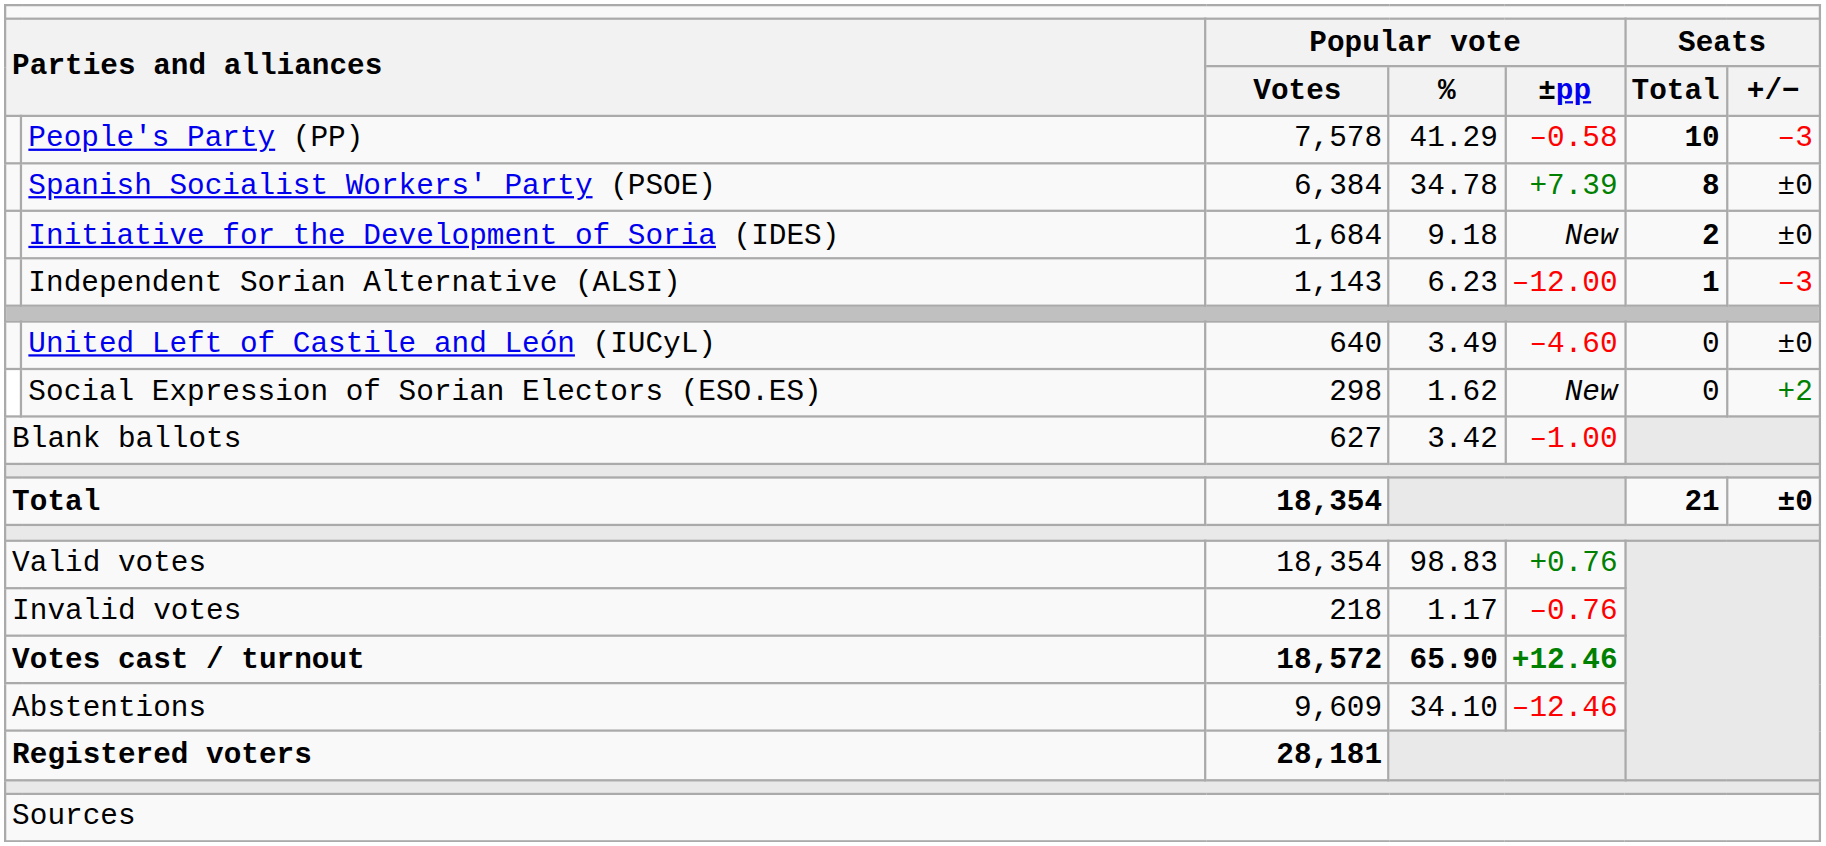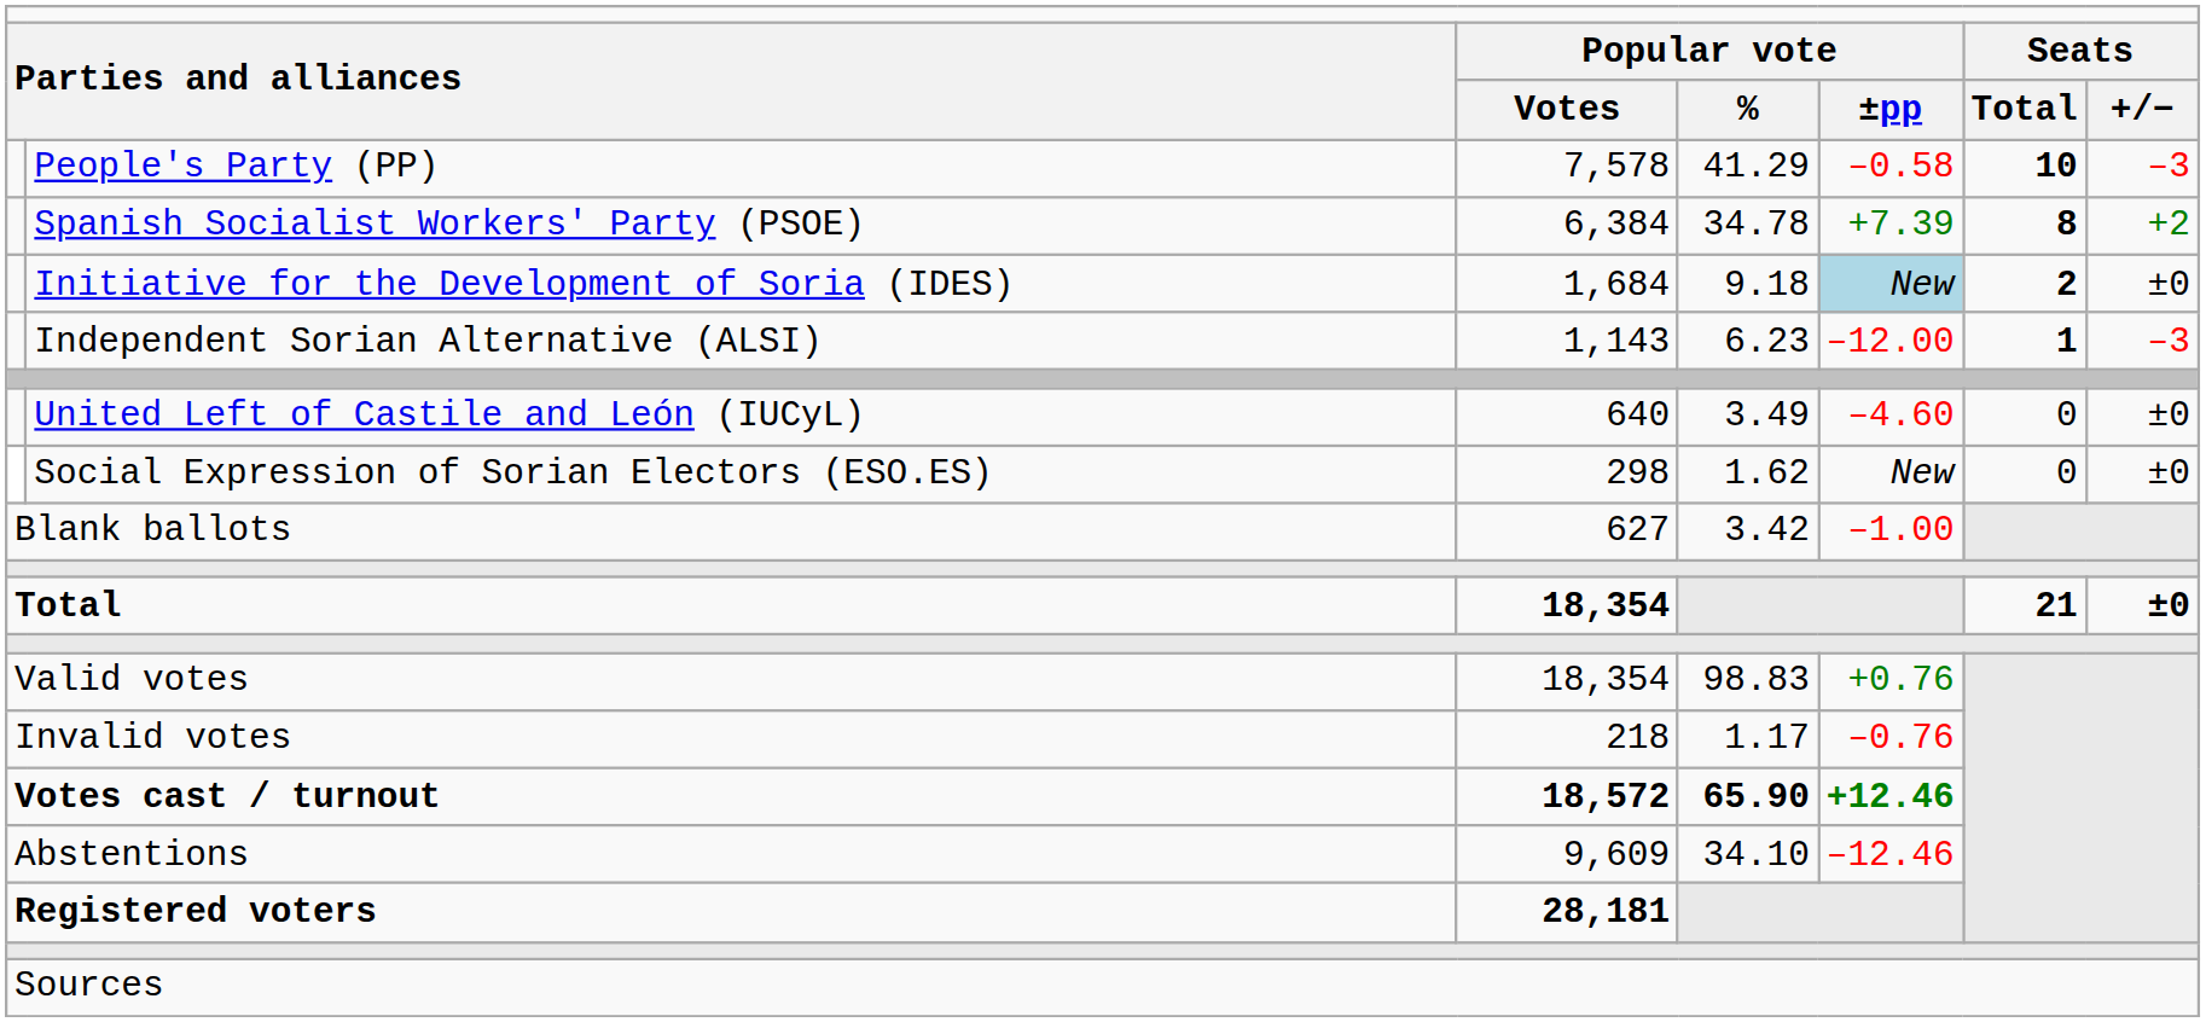 <table class="wikitable" style="text-align:right;">
 <tr>
 <td colspan="7"></td>
 </tr>
 <tr>
 <th style="text-align:left;" rowspan="2" colspan="2" width="525">Parties and alliances</th>
 <th colspan="3">Popular vote</th>
 <th colspan="2">Seats</th>
 </tr>
 <tr>
 <th width="75">Votes</th>
 <th width="45">%</th>
 <th width="45">±<a href='#'>pp</a></th>
 <th width="35">Total</th>
 <th width="35">+/−</th>
 </tr>
 <tr>
 <td width="1" style="color:inherit;background:"></td>
 <td align="left"><a href='#'>People's Party</a> (PP)</td>
 <td>7,578</td>
 <td>41.29</td>
 <td style="color:red;">–0.58</td>
 <td><strong>10</strong></td>
 <td style="color:red;">–3</td>
 </tr>
 <tr>
 <td style="color:inherit;background:"></td>
 <td align="left"><a href='#'>Spanish Socialist Workers' Party</a> (PSOE)</td>
 <td>6,384</td>
 <td>34.78</td>
 <td style="color:green;">+7.39</td>
 <td><strong>8</strong></td>
-<td>±0</td>
+<td style="color:green;">+2</td>
 </tr>
 <tr>
 <td style="color:inherit;background:"></td>
 <td align="left"><a href='#'>Initiative for the Development of Soria</a> (IDES)</td>
 <td>1,684</td>
 <td>9.18</td>
-<td><em>New</em></td>
+<td style="background: lightblue;"><em>New</em></td>
 <td><strong>2</strong></td>
 <td>±0</td>
 </tr>
 <tr>
 <td style="color:inherit;background:"></td>
 <td align="left">Independent Sorian Alternative (ALSI)</td>
 <td>1,143</td>
 <td>6.23</td>
 <td style="color:red;">–12.00</td>
 <td><strong>1</strong></td>
 <td style="color:red;">–3</td>
 </tr>
 <tr>
 <td colspan="7" bgcolor="#C0C0C0"></td>
 </tr>
 <tr>
 <td style="color:inherit;background:"></td>
 <td align="left"><a href='#'>United Left of Castile and León</a> (IUCyL)</td>
 <td>640</td>
 <td>3.49</td>
 <td style="color:red;">–4.60</td>
 <td>0</td>
 <td>±0</td>
 </tr>
 <tr>
 <td bgcolor="white"></td>
 <td align="left">Social Expression of Sorian Electors (ESO.ES)</td>
 <td>298</td>
 <td>1.62</td>
 <td><em>New</em></td>
 <td>0</td>
-<td style="color:green;">+2</td>
+<td>±0</td>
 </tr>
 <tr>
 <td align="left" colspan="2">Blank ballots</td>
 <td>627</td>
 <td>3.42</td>
 <td style="color:red;">–1.00</td>
 <td bgcolor="#E9E9E9" colspan="2"></td>
 </tr>
 <tr>
 <td colspan="7" bgcolor="#E9E9E9"></td>
 </tr>
 <tr style="font-weight:bold;">
 <td align="left" colspan="2">Total</td>
 <td>18,354</td>
 <td bgcolor="#E9E9E9" colspan="2"></td>
 <td>21</td>
 <td>±0</td>
 </tr>
 <tr>
 <td colspan="7" bgcolor="#E9E9E9"></td>
 </tr>
 <tr>
 <td align="left" colspan="2">Valid votes</td>
 <td>18,354</td>
 <td>98.83</td>
 <td style="color:green;">+0.76</td>
 <td bgcolor="#E9E9E9" colspan="2" rowspan="5"></td>
 </tr>
 <tr>
 <td align="left" colspan="2">Invalid votes</td>
 <td>218</td>
 <td>1.17</td>
 <td style="color:red;">–0.76</td>
 </tr>
 <tr style="font-weight:bold;">
 <td align="left" colspan="2">Votes cast / turnout</td>
 <td>18,572</td>
 <td>65.90</td>
 <td style="color:green;">+12.46</td>
 </tr>
 <tr>
 <td align="left" colspan="2">Abstentions</td>
 <td>9,609</td>
 <td>34.10</td>
 <td style="color:red;">–12.46</td>
 </tr>
 <tr style="font-weight:bold;">
 <td align="left" colspan="2">Registered voters</td>
 <td>28,181</td>
 <td bgcolor="#E9E9E9" colspan="2"></td>
 </tr>
 <tr>
 <td colspan="7" bgcolor="#E9E9E9"></td>
 </tr>
 <tr>
 <td align="left" colspan="7">Sources</td>
 </tr>
 </table>
